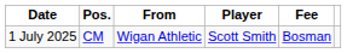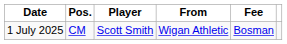 <table class="wikitable plainrowheaders sortable">
 <tr>
 <th style="background-color:white;">Date</th>
 <th style="background-color:white;">Pos.</th>
+<th style="background-color:white;">Player</th>
 <th style="background-color:white;">From</th>
-<th style="background-color:white;">Player</th>
 <th style="background-color:white;">Fee</th>
 <th style="background-color:white;"></th>
 </tr>
 <tr>
 <td>1 July 2025</td>
 <td><a href='#'>CM</a></td>
+<td> <a href='#'>Scott Smith</a></td>
 <td> <a href='#'>Wigan Athletic</a></td>
-<td> <a href='#'>Scott Smith</a></td>
 <td><a href='#'>Bosman</a></td>
 <td></td>
 </tr>
 </table>
